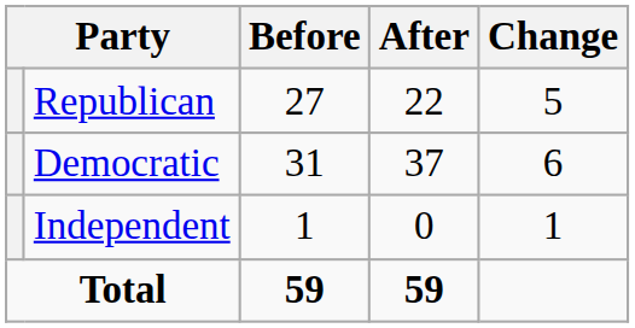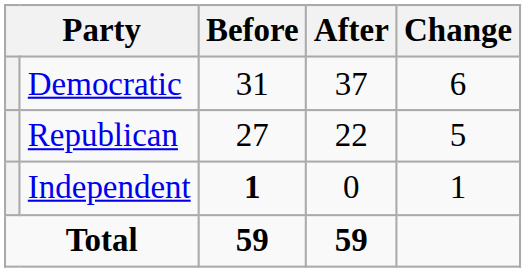 <table class="wikitable" style="text-align:center;">
 <tr>
 <th colspan="2">Party</th>
 <th>Before</th>
 <th>After</th>
 <th>Change</th>
+</tr>
+<tr>
+<th style="background-color:"></th>
+<td style="text-align:left;"><a href='#'>Democratic</a></td>
+<td>31</td>
+<td>37</td>
+<td> 6</td>
 </tr>
 <tr>
 <th style="background-color:"></th>
 <td style="text-align:left;"><a href='#'>Republican</a></td>
 <td>27</td>
 <td>22</td>
 <td> 5</td>
 </tr>
 <tr>
 <th style="background-color:"></th>
-<td style="text-align:left;"><a href='#'>Democratic</a></td>
-<td>31</td>
-<td>37</td>
-<td> 6</td>
-</tr>
-<tr>
-<th style="background-color:"></th>
 <td style="text-align:left;"><a href='#'>Independent</a></td>
-<td>1</td>
+<td><strong>1</strong></td>
 <td>0</td>
 <td> 1</td>
 </tr>
 <tr>
 <td colspan="2"><strong>Total</strong></td>
 <td><strong>59</strong></td>
 <td><strong>59</strong></td>
 <td></td>
 </tr>
 </table>
